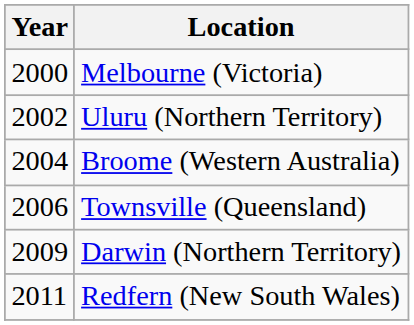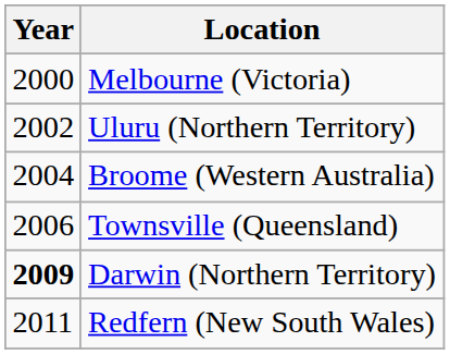 <table class="wikitable">
 <tr>
 <th>Year</th>
 <th>Location</th>
 </tr>
 <tr>
 <td>2000</td>
 <td><a href='#'>Melbourne</a> (Victoria)</td>
 </tr>
 <tr>
 <td>2002</td>
 <td><a href='#'>Uluru</a> (Northern Territory)</td>
 </tr>
 <tr>
 <td>2004</td>
 <td><a href='#'>Broome</a> (Western Australia)</td>
 </tr>
 <tr>
 <td>2006</td>
 <td><a href='#'>Townsville</a> (Queensland)</td>
 </tr>
 <tr>
-<td>2009</td>
+<td><strong>2009</strong></td>
 <td><a href='#'>Darwin</a> (Northern Territory)</td>
 </tr>
 <tr>
 <td>2011</td>
 <td><a href='#'>Redfern</a> (New South Wales)</td>
 </tr>
 </table>
